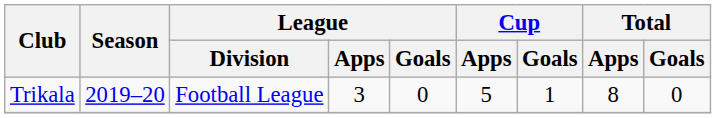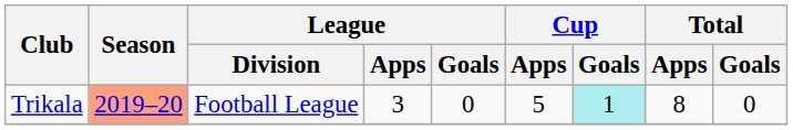 <table class="wikitable" style="text-align:center">
 <tr>
 <th rowspan=2>Club</th>
 <th rowspan=2>Season</th>
 <th colspan=3>League</th>
 <th colspan=2><a href='#'>Cup</a></th>
 <th colspan=2>Total</th>
 </tr>
 <tr>
 <th>Division</th>
 <th>Apps</th>
 <th>Goals</th>
 <th>Apps</th>
 <th>Goals</th>
 <th>Apps</th>
 <th>Goals</th>
 </tr>
 <tr>
 <td><a href='#'>Trikala</a></td>
-<td><a href='#'>2019–20</a></td>
+<td style="background: lightsalmon;"><a href='#'>2019–20</a></td>
 <td><a href='#'>Football League</a></td>
 <td>3</td>
 <td>0</td>
 <td>5</td>
-<td>1</td>
+<td style="background: paleturquoise;">1</td>
 <td>8</td>
 <td>0</td>
 </tr>
 <tr>
 </tr>
 </table>
